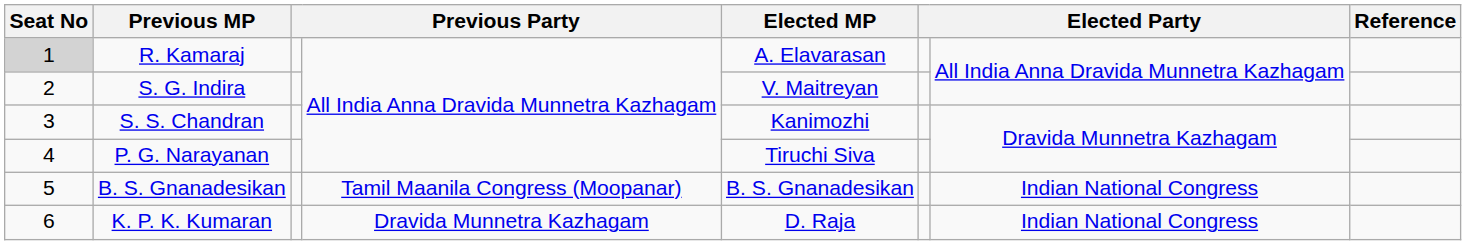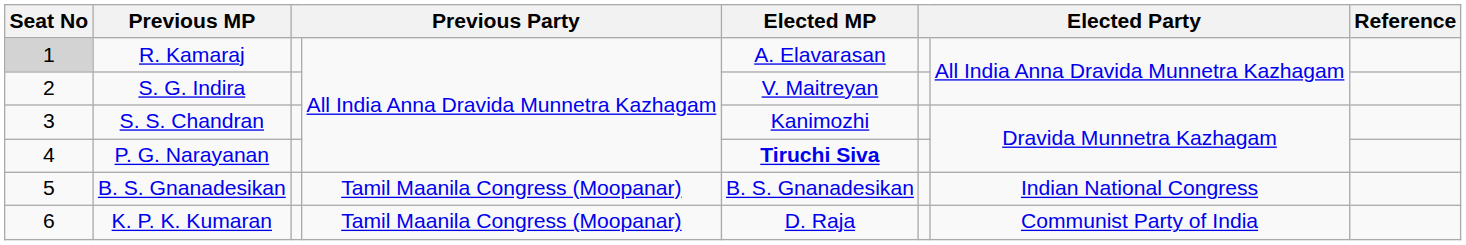 <table class="wikitable">
 <tr>
 <th>Seat No</th>
 <th>Previous MP</th>
 <th colspan=2>Previous Party</th>
 <th>Elected MP</th>
 <th colspan=2>Elected Party</th>
 <th>Reference</th>
 </tr>
 <tr style="text-align:center;">
 <td style="background: lightgrey;">1</td>
 <td><a href='#'>R. Kamaraj</a></td>
 <td width="1px"></td>
 <td rowspan=4><a href='#'>All India Anna Dravida Munnetra Kazhagam</a></td>
 <td><a href='#'>A. Elavarasan</a></td>
 <td width="1px"></td>
 <td rowspan=2><a href='#'>All India Anna Dravida Munnetra Kazhagam</a></td>
 <td></td>
 </tr>
 <tr style="text-align:center;">
 <td>2</td>
 <td><a href='#'>S. G. Indira</a></td>
 <td width="1px"></td>
 <td><a href='#'>V. Maitreyan</a></td>
 <td width="1px"></td>
 <td></td>
 </tr>
 <tr style="text-align:center;">
 <td>3</td>
 <td><a href='#'>S. S. Chandran</a></td>
 <td width="1px"></td>
 <td><a href='#'>Kanimozhi</a></td>
 <td width="1px"></td>
 <td rowspan=2><a href='#'>Dravida Munnetra Kazhagam</a></td>
 <td></td>
 </tr>
 <tr style="text-align:center;">
 <td>4</td>
 <td><a href='#'>P. G. Narayanan</a></td>
 <td width="1px"></td>
-<td><a href='#'>Tiruchi Siva</a></td>
+<td><strong><a href='#'>Tiruchi Siva</a></strong></td>
 <td width="1px"></td>
 <td></td>
 </tr>
 <tr style="text-align:center;">
 <td>5</td>
 <td><a href='#'>B. S. Gnanadesikan</a></td>
 <td width="1px"></td>
 <td><a href='#'>Tamil Maanila Congress (Moopanar)</a></td>
 <td><a href='#'>B. S. Gnanadesikan</a></td>
 <td width="1px"></td>
 <td><a href='#'>Indian National Congress</a></td>
 <td></td>
 </tr>
 <tr style="text-align:center;">
 <td>6</td>
 <td><a href='#'>K. P. K. Kumaran</a></td>
 <td width="1px"></td>
-<td><a href='#'>Dravida Munnetra Kazhagam</a></td>
+<td><a href='#'>Tamil Maanila Congress (Moopanar)</a></td>
 <td><a href='#'>D. Raja</a></td>
 <td width="1px"></td>
-<td><a href='#'>Indian National Congress</a></td>
+<td><a href='#'>Communist Party of India</a></td>
 <td></td>
 </tr>
 </table>
